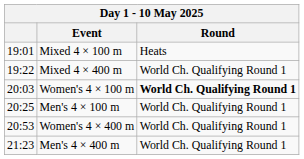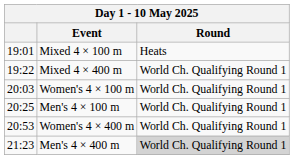 <table class="wikitable World Athletics Relays schedule">
 <tr>
 <th colspan="6">Day 1 - 10 May 2025</th>
 </tr>
 <tr>
 <th></th>
 <th>Event</th>
 <th colspan="2">Round</th>
 </tr>
 <tr>
 <td>19:01</td>
 <td>Mixed 4 × 100 m</td>
 <td>Heats</td>
 </tr>
 <tr>
 <td>19:22</td>
 <td>Mixed 4 × 400 m</td>
 <td>World Ch. Qualifying Round 1</td>
 </tr>
 <tr>
 <td>20:03</td>
 <td>Women's 4 × 100 m</td>
-<td><strong>World Ch. Qualifying Round 1</strong></td>
+<td>World Ch. Qualifying Round 1</td>
 </tr>
 <tr>
 <td>20:25</td>
 <td>Men's 4 × 100 m</td>
 <td>World Ch. Qualifying Round 1</td>
 </tr>
 <tr>
 <td>20:53</td>
 <td>Women's 4 × 400 m</td>
 <td>World Ch. Qualifying Round 1</td>
 </tr>
 <tr>
 <td>21:23</td>
 <td>Men's 4 × 400 m</td>
-<td>World Ch. Qualifying Round 1</td>
+<td style="background: lightgrey;">World Ch. Qualifying Round 1</td>
 </tr>
 </table>
